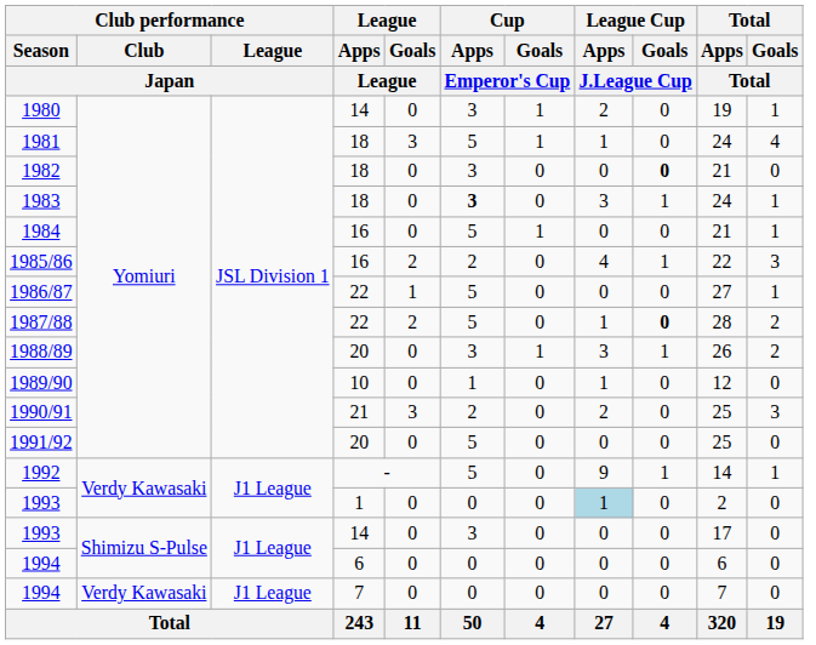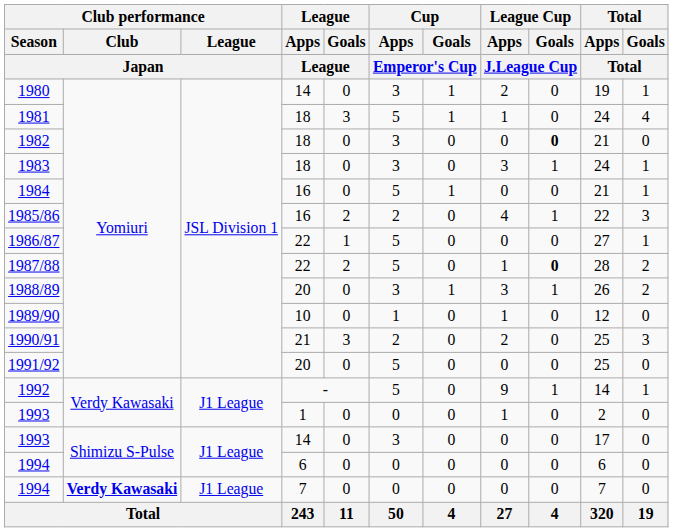 <table class="wikitable" style="text-align:center;">
 <tr>
 <th colspan=3>Club performance</th>
 <th colspan=2>League</th>
 <th colspan=2>Cup</th>
 <th colspan=2>League Cup</th>
 <th colspan=2>Total</th>
 </tr>
 <tr>
 <th>Season</th>
 <th>Club</th>
 <th>League</th>
 <th>Apps</th>
 <th>Goals</th>
 <th>Apps</th>
 <th>Goals</th>
 <th>Apps</th>
 <th>Goals</th>
 <th>Apps</th>
 <th>Goals</th>
 </tr>
 <tr>
 <th colspan=3>Japan</th>
 <th colspan=2>League</th>
 <th colspan=2><a href='#'>Emperor's Cup</a></th>
 <th colspan=2><a href='#'>J.League Cup</a></th>
 <th colspan=2>Total</th>
 </tr>
 <tr>
 <td><a href='#'>1980</a></td>
 <td rowspan="12"><a href='#'>Yomiuri</a></td>
 <td rowspan="12"><a href='#'>JSL Division 1</a></td>
 <td>14</td>
 <td>0</td>
 <td>3</td>
 <td>1</td>
 <td>2</td>
 <td>0</td>
 <td>19</td>
 <td>1</td>
 </tr>
 <tr>
 <td><a href='#'>1981</a></td>
 <td>18</td>
 <td>3</td>
 <td>5</td>
 <td>1</td>
 <td>1</td>
 <td>0</td>
 <td>24</td>
 <td>4</td>
 </tr>
 <tr>
 <td><a href='#'>1982</a></td>
 <td>18</td>
 <td>0</td>
 <td>3</td>
 <td>0</td>
 <td>0</td>
 <td><strong>0</strong></td>
 <td>21</td>
 <td>0</td>
 </tr>
 <tr>
 <td><a href='#'>1983</a></td>
 <td>18</td>
 <td>0</td>
-<td><strong>3</strong></td>
+<td>3</td>
 <td>0</td>
 <td>3</td>
 <td>1</td>
 <td>24</td>
 <td>1</td>
 </tr>
 <tr>
 <td><a href='#'>1984</a></td>
 <td>16</td>
 <td>0</td>
 <td>5</td>
 <td>1</td>
 <td>0</td>
 <td>0</td>
 <td>21</td>
 <td>1</td>
 </tr>
 <tr>
 <td><a href='#'>1985/86</a></td>
 <td>16</td>
 <td>2</td>
 <td>2</td>
 <td>0</td>
 <td>4</td>
 <td>1</td>
 <td>22</td>
 <td>3</td>
 </tr>
 <tr>
 <td><a href='#'>1986/87</a></td>
 <td>22</td>
 <td>1</td>
 <td>5</td>
 <td>0</td>
 <td>0</td>
 <td>0</td>
 <td>27</td>
 <td>1</td>
 </tr>
 <tr>
 <td><a href='#'>1987/88</a></td>
 <td>22</td>
 <td>2</td>
 <td>5</td>
 <td>0</td>
 <td>1</td>
 <td><strong>0</strong></td>
 <td>28</td>
 <td>2</td>
 </tr>
 <tr>
 <td><a href='#'>1988/89</a></td>
 <td>20</td>
 <td>0</td>
 <td>3</td>
 <td>1</td>
 <td>3</td>
 <td>1</td>
 <td>26</td>
 <td>2</td>
 </tr>
 <tr>
 <td><a href='#'>1989/90</a></td>
 <td>10</td>
 <td>0</td>
 <td>1</td>
 <td>0</td>
 <td>1</td>
 <td>0</td>
 <td>12</td>
 <td>0</td>
 </tr>
 <tr>
 <td><a href='#'>1990/91</a></td>
 <td>21</td>
 <td>3</td>
 <td>2</td>
 <td>0</td>
 <td>2</td>
 <td>0</td>
 <td>25</td>
 <td>3</td>
 </tr>
 <tr>
 <td><a href='#'>1991/92</a></td>
 <td>20</td>
 <td>0</td>
 <td>5</td>
 <td>0</td>
 <td>0</td>
 <td>0</td>
 <td>25</td>
 <td>0</td>
 </tr>
 <tr>
 <td><a href='#'>1992</a></td>
 <td rowspan="2"><a href='#'>Verdy Kawasaki</a></td>
 <td rowspan="2"><a href='#'>J1 League</a></td>
 <td colspan="2">-</td>
 <td>5</td>
 <td>0</td>
 <td>9</td>
 <td>1</td>
 <td>14</td>
 <td>1</td>
 </tr>
 <tr>
 <td><a href='#'>1993</a></td>
 <td>1</td>
 <td>0</td>
 <td>0</td>
 <td>0</td>
-<td style="background: lightblue;">1</td>
+<td>1</td>
 <td>0</td>
 <td>2</td>
 <td>0</td>
 </tr>
 <tr>
 <td><a href='#'>1993</a></td>
 <td rowspan="2"><a href='#'>Shimizu S-Pulse</a></td>
 <td rowspan="2"><a href='#'>J1 League</a></td>
 <td>14</td>
 <td>0</td>
 <td>3</td>
 <td>0</td>
 <td>0</td>
 <td>0</td>
 <td>17</td>
 <td>0</td>
 </tr>
 <tr>
 <td><a href='#'>1994</a></td>
 <td>6</td>
 <td>0</td>
 <td>0</td>
 <td>0</td>
 <td>0</td>
 <td>0</td>
 <td>6</td>
 <td>0</td>
 </tr>
 <tr>
 <td><a href='#'>1994</a></td>
-<td><a href='#'>Verdy Kawasaki</a></td>
+<td><strong><a href='#'>Verdy Kawasaki</a></strong></td>
 <td><a href='#'>J1 League</a></td>
 <td>7</td>
 <td>0</td>
 <td>0</td>
 <td>0</td>
 <td>0</td>
 <td>0</td>
 <td>7</td>
 <td>0</td>
 </tr>
 <tr>
 <th colspan=3>Total</th>
 <th>243</th>
 <th>11</th>
 <th>50</th>
 <th>4</th>
 <th>27</th>
 <th>4</th>
 <th>320</th>
 <th>19</th>
 </tr>
 </table>
